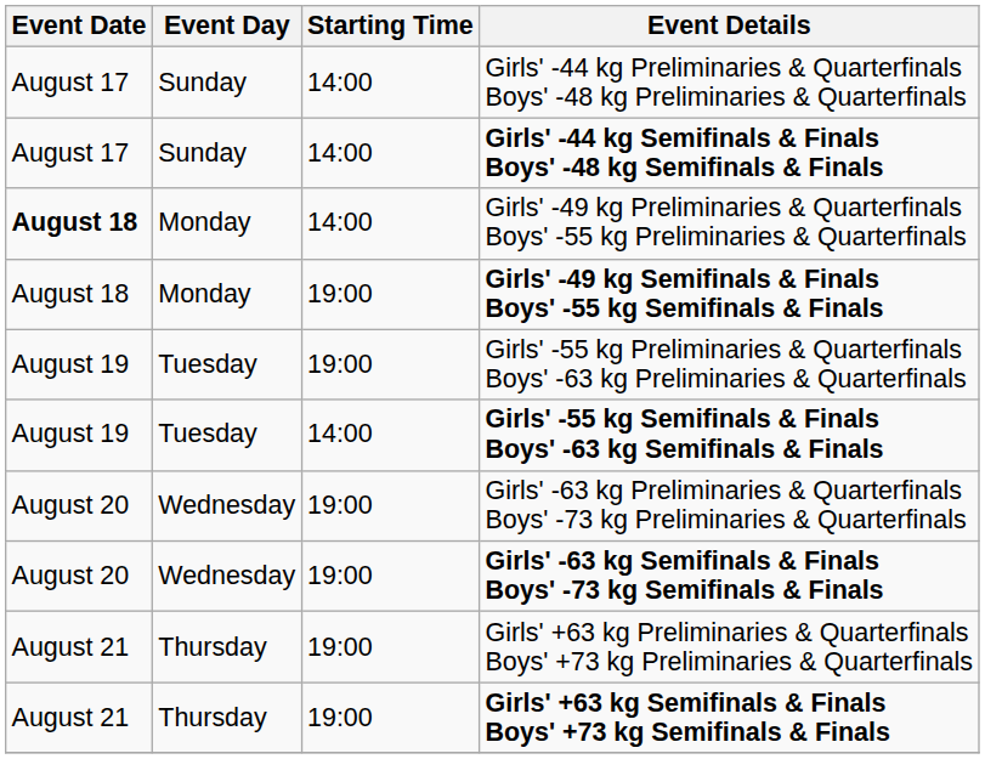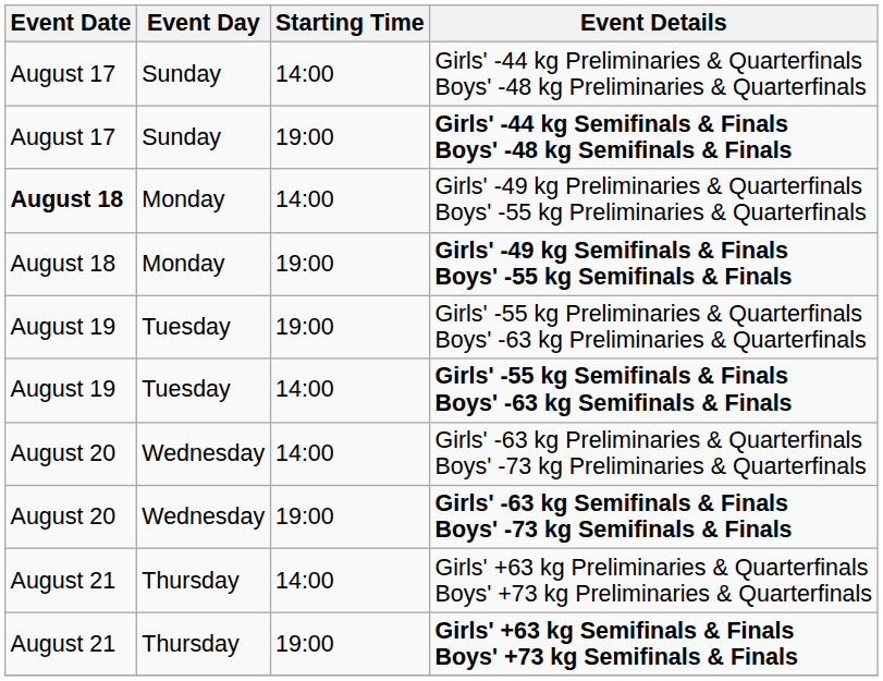 <table class="wikitable">
 <tr>
 <th>Event Date</th>
 <th>Event Day</th>
 <th>Starting Time</th>
 <th>Event Details</th>
 </tr>
 <tr>
 <td>August 17</td>
 <td>Sunday</td>
 <td>14:00</td>
 <td>Girls' -44 kg Preliminaries & Quarterfinals<br>Boys' -48 kg Preliminaries & Quarterfinals</td>
 </tr>
 <tr>
 <td>August 17</td>
 <td>Sunday</td>
-<td>14:00</td>
+<td>19:00</td>
 <td><strong>Girls' -44 kg Semifinals & Finals</strong><br><strong>Boys' -48 kg Semifinals & Finals</strong></td>
 </tr>
 <tr>
 <td><strong>August 18</strong></td>
 <td>Monday</td>
 <td>14:00</td>
 <td>Girls' -49 kg Preliminaries & Quarterfinals<br>Boys' -55 kg Preliminaries & Quarterfinals</td>
 </tr>
 <tr>
 <td>August 18</td>
 <td>Monday</td>
 <td>19:00</td>
 <td><strong>Girls' -49 kg Semifinals & Finals</strong><br><strong>Boys' -55 kg Semifinals & Finals</strong></td>
 </tr>
 <tr>
 <td>August 19</td>
 <td>Tuesday</td>
 <td>19:00</td>
 <td>Girls' -55 kg Preliminaries & Quarterfinals<br>Boys' -63 kg Preliminaries & Quarterfinals</td>
 </tr>
 <tr>
 <td>August 19</td>
 <td>Tuesday</td>
 <td>14:00</td>
 <td><strong>Girls' -55 kg Semifinals & Finals</strong><br><strong>Boys' -63 kg Semifinals & Finals</strong></td>
 </tr>
 <tr>
 <td>August 20</td>
 <td>Wednesday</td>
-<td>19:00</td>
+<td>14:00</td>
 <td>Girls' -63 kg Preliminaries & Quarterfinals<br>Boys' -73 kg Preliminaries & Quarterfinals</td>
 </tr>
 <tr>
 <td>August 20</td>
 <td>Wednesday</td>
 <td>19:00</td>
 <td><strong>Girls' -63 kg Semifinals & Finals</strong><br><strong>Boys' -73 kg Semifinals & Finals</strong></td>
 </tr>
 <tr>
 <td>August 21</td>
 <td>Thursday</td>
-<td>19:00</td>
+<td>14:00</td>
 <td>Girls' +63 kg Preliminaries & Quarterfinals<br>Boys' +73 kg Preliminaries & Quarterfinals</td>
 </tr>
 <tr>
 <td>August 21</td>
 <td>Thursday</td>
 <td>19:00</td>
 <td><strong>Girls' +63 kg Semifinals & Finals</strong><br><strong>Boys' +73 kg Semifinals & Finals</strong></td>
 </tr>
 <tr>
 </tr>
 </table>
